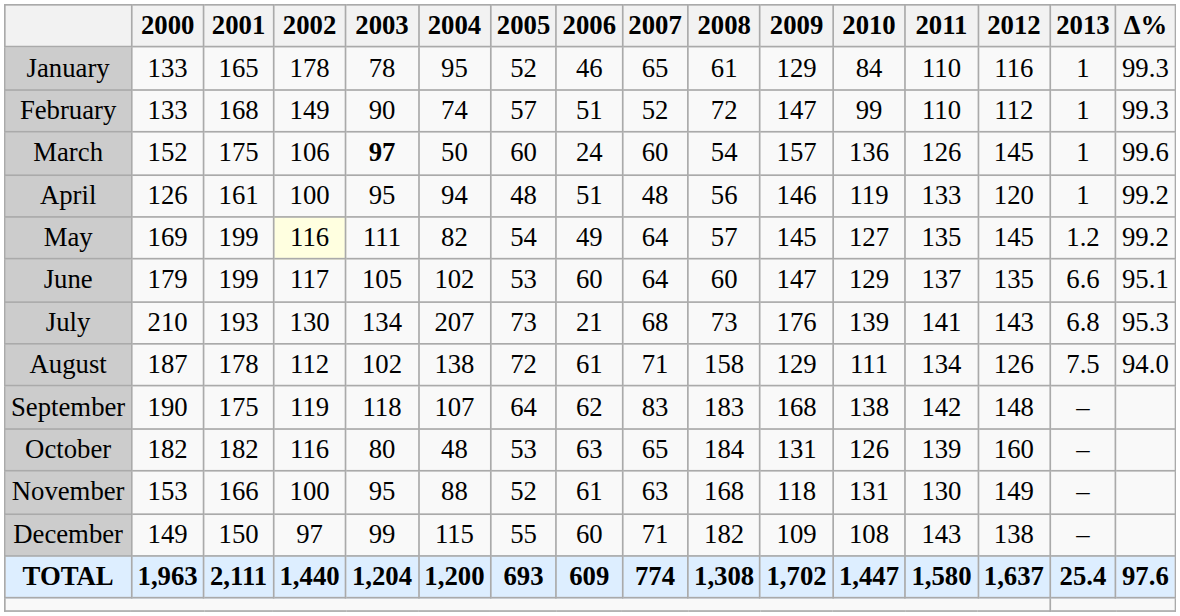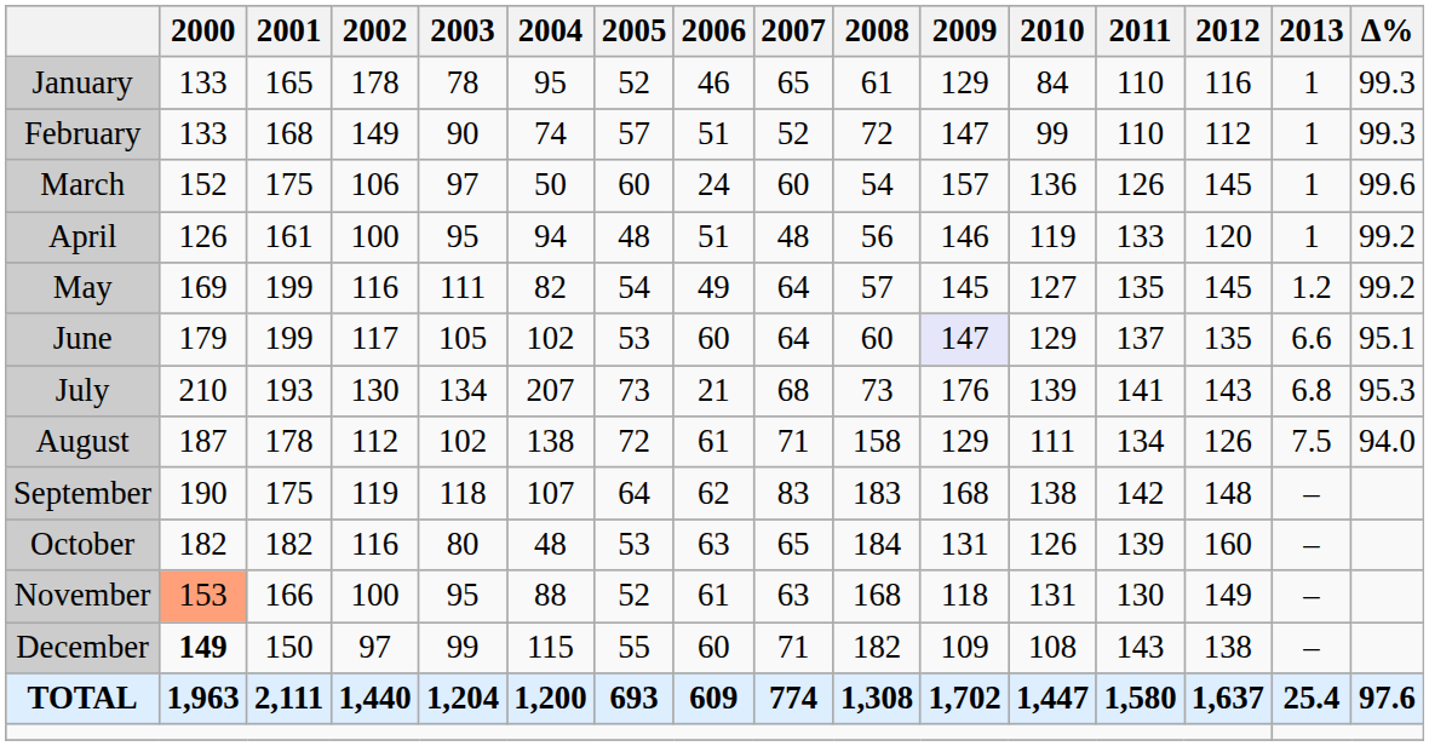 <table class="wikitable" style="margin:0.5em auto; text-align:center;">
 <tr>
 <th> </th>
 <th>2000</th>
 <th>2001</th>
 <th>2002</th>
 <th>2003</th>
 <th>2004</th>
 <th>2005</th>
 <th>2006</th>
 <th>2007</th>
 <th>2008</th>
 <th>2009</th>
 <th>2010</th>
 <th>2011</th>
 <th>2012</th>
 <th>2013</th>
 <th>Δ%</th>
 </tr>
 <tr>
 <td bgcolor="#CCCCCC">January</td>
 <td>133</td>
 <td>165</td>
 <td>178</td>
 <td>78</td>
 <td>95</td>
 <td>52</td>
 <td>46</td>
 <td>65</td>
 <td>61</td>
 <td>129</td>
 <td>84</td>
 <td>110</td>
 <td>116</td>
 <td>1</td>
 <td>99.3</td>
 </tr>
 <tr>
 <td bgcolor="#CCCCCC">February</td>
 <td>133</td>
 <td>168</td>
 <td>149</td>
 <td>90</td>
 <td>74</td>
 <td>57</td>
 <td>51</td>
 <td>52</td>
 <td>72</td>
 <td>147</td>
 <td>99</td>
 <td>110</td>
 <td>112</td>
 <td>1</td>
 <td>99.3</td>
 </tr>
 <tr>
 <td bgcolor="#CCCCCC">March</td>
 <td>152</td>
 <td>175</td>
 <td>106</td>
-<td><strong>97</strong></td>
+<td>97</td>
 <td>50</td>
 <td>60</td>
 <td>24</td>
 <td>60</td>
 <td>54</td>
 <td>157</td>
 <td>136</td>
 <td>126</td>
 <td>145</td>
 <td>1</td>
 <td>99.6</td>
 </tr>
 <tr>
 <td bgcolor="#CCCCCC">April</td>
 <td>126</td>
 <td>161</td>
 <td>100</td>
 <td>95</td>
 <td>94</td>
 <td>48</td>
 <td>51</td>
 <td>48</td>
 <td>56</td>
 <td>146</td>
 <td>119</td>
 <td>133</td>
 <td>120</td>
 <td>1</td>
 <td>99.2</td>
 </tr>
 <tr>
 <td bgcolor="#CCCCCC">May</td>
 <td>169</td>
 <td>199</td>
-<td style="background: lightyellow;">116</td>
+<td>116</td>
 <td>111</td>
 <td>82</td>
 <td>54</td>
 <td>49</td>
 <td>64</td>
 <td>57</td>
 <td>145</td>
 <td>127</td>
 <td>135</td>
 <td>145</td>
 <td>1.2</td>
 <td>99.2</td>
 </tr>
 <tr>
 <td bgcolor="#CCCCCC">June</td>
 <td>179</td>
 <td>199</td>
 <td>117</td>
 <td>105</td>
 <td>102</td>
 <td>53</td>
 <td>60</td>
 <td>64</td>
 <td>60</td>
-<td>147</td>
+<td style="background: lavender;">147</td>
 <td>129</td>
 <td>137</td>
 <td>135</td>
 <td>6.6</td>
 <td>95.1</td>
 </tr>
 <tr>
 <td bgcolor="#CCCCCC">July</td>
 <td>210</td>
 <td>193</td>
 <td>130</td>
 <td>134</td>
 <td>207</td>
 <td>73</td>
 <td>21</td>
 <td>68</td>
 <td>73</td>
 <td>176</td>
 <td>139</td>
 <td>141</td>
 <td>143</td>
 <td>6.8</td>
 <td>95.3</td>
 </tr>
 <tr>
 <td bgcolor="#CCCCCC">August</td>
 <td>187</td>
 <td>178</td>
 <td>112</td>
 <td>102</td>
 <td>138</td>
 <td>72</td>
 <td>61</td>
 <td>71</td>
 <td>158</td>
 <td>129</td>
 <td>111</td>
 <td>134</td>
 <td>126</td>
 <td>7.5</td>
 <td>94.0</td>
 </tr>
 <tr>
 <td bgcolor="#CCCCCC">September</td>
 <td>190</td>
 <td>175</td>
 <td>119</td>
 <td>118</td>
 <td>107</td>
 <td>64</td>
 <td>62</td>
 <td>83</td>
 <td>183</td>
 <td>168</td>
 <td>138</td>
 <td>142</td>
 <td>148</td>
 <td>–</td>
 <td></td>
 </tr>
 <tr>
 <td bgcolor="#CCCCCC">October</td>
 <td>182</td>
 <td>182</td>
 <td>116</td>
 <td>80</td>
 <td>48</td>
 <td>53</td>
 <td>63</td>
 <td>65</td>
 <td>184</td>
 <td>131</td>
 <td>126</td>
 <td>139</td>
 <td>160</td>
 <td>–</td>
 <td></td>
 </tr>
 <tr>
 <td bgcolor="#CCCCCC">November</td>
-<td>153</td>
+<td style="background: lightsalmon;">153</td>
 <td>166</td>
 <td>100</td>
 <td>95</td>
 <td>88</td>
 <td>52</td>
 <td>61</td>
 <td>63</td>
 <td>168</td>
 <td>118</td>
 <td>131</td>
 <td>130</td>
 <td>149</td>
 <td>–</td>
 <td></td>
 </tr>
 <tr>
 <td bgcolor="#CCCCCC">December</td>
-<td>149</td>
+<td><strong>149</strong></td>
 <td>150</td>
 <td>97</td>
 <td>99</td>
 <td>115</td>
 <td>55</td>
 <td>60</td>
 <td>71</td>
 <td>182</td>
 <td>109</td>
 <td>108</td>
 <td>143</td>
 <td>138</td>
 <td>–</td>
 <td></td>
 </tr>
 <tr>
 <td bgcolor="#DDEEFF"><strong>TOTAL</strong></td>
 <td bgcolor="#DDEEFF"><strong>1,963</strong></td>
 <td bgcolor="#DDEEFF"><strong>2,111</strong></td>
 <td bgcolor="#DDEEFF"><strong>1,440</strong></td>
 <td bgcolor="#DDEEFF"><strong>1,204</strong></td>
 <td bgcolor="#DDEEFF"><strong>1,200</strong></td>
 <td bgcolor="#DDEEFF"><strong>693</strong></td>
 <td bgcolor="#DDEEFF"><strong>609</strong></td>
 <td bgcolor="#DDEEFF"><strong>774</strong></td>
 <td bgcolor="#DDEEFF"><strong>1,308</strong></td>
 <td bgcolor="#DDEEFF"><strong>1,702</strong></td>
 <td bgcolor="#DDEEFF"><strong>1,447</strong></td>
 <td bgcolor="#DDEEFF"><strong>1,580</strong></td>
 <td bgcolor="#DDEEFF"><strong>1,637</strong></td>
 <td bgcolor="#DDEEFF"><strong>25.4</strong></td>
 <td bgcolor="#DDEEFF"><strong>97.6</strong></td>
 </tr>
 <tr>
 <td colspan=14></td>
 </tr>
 </table>
